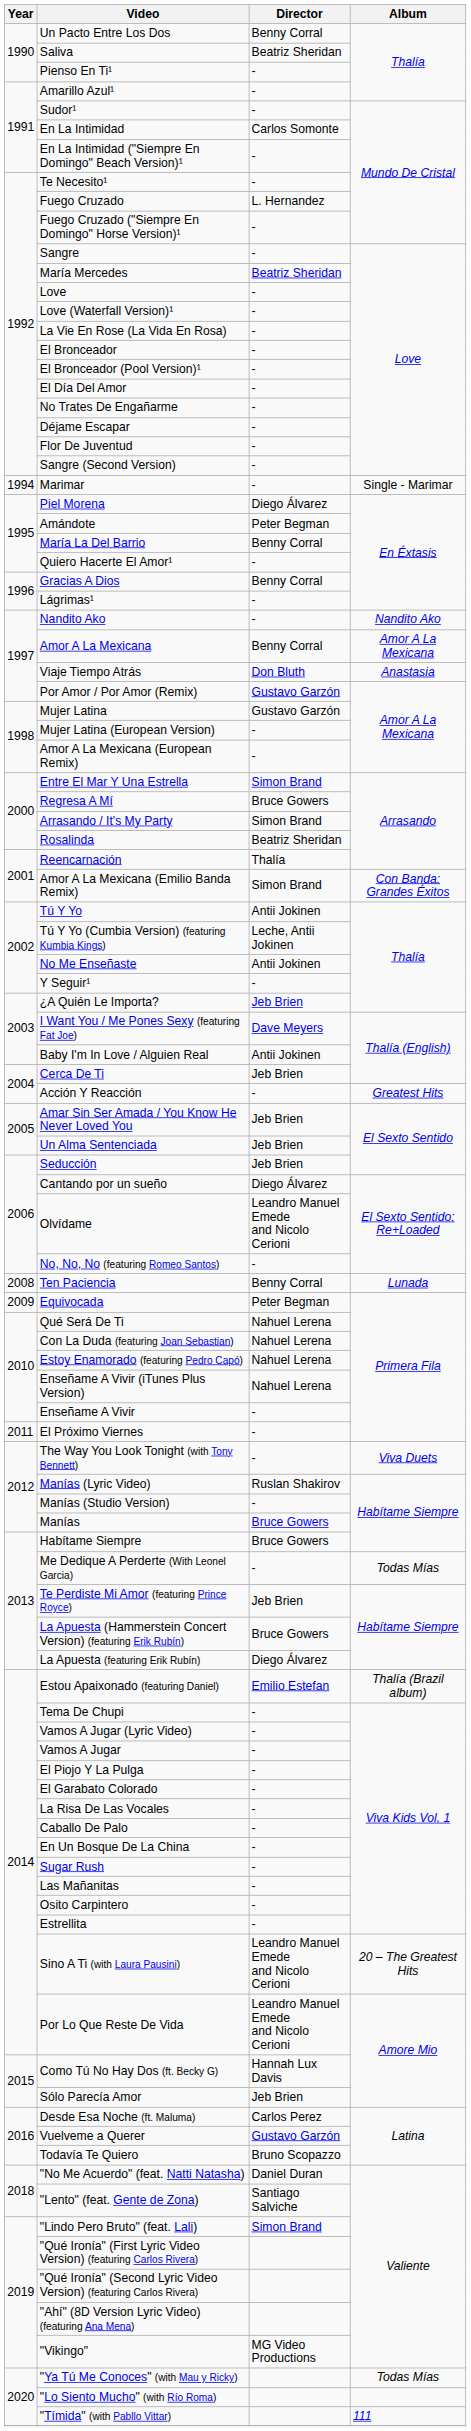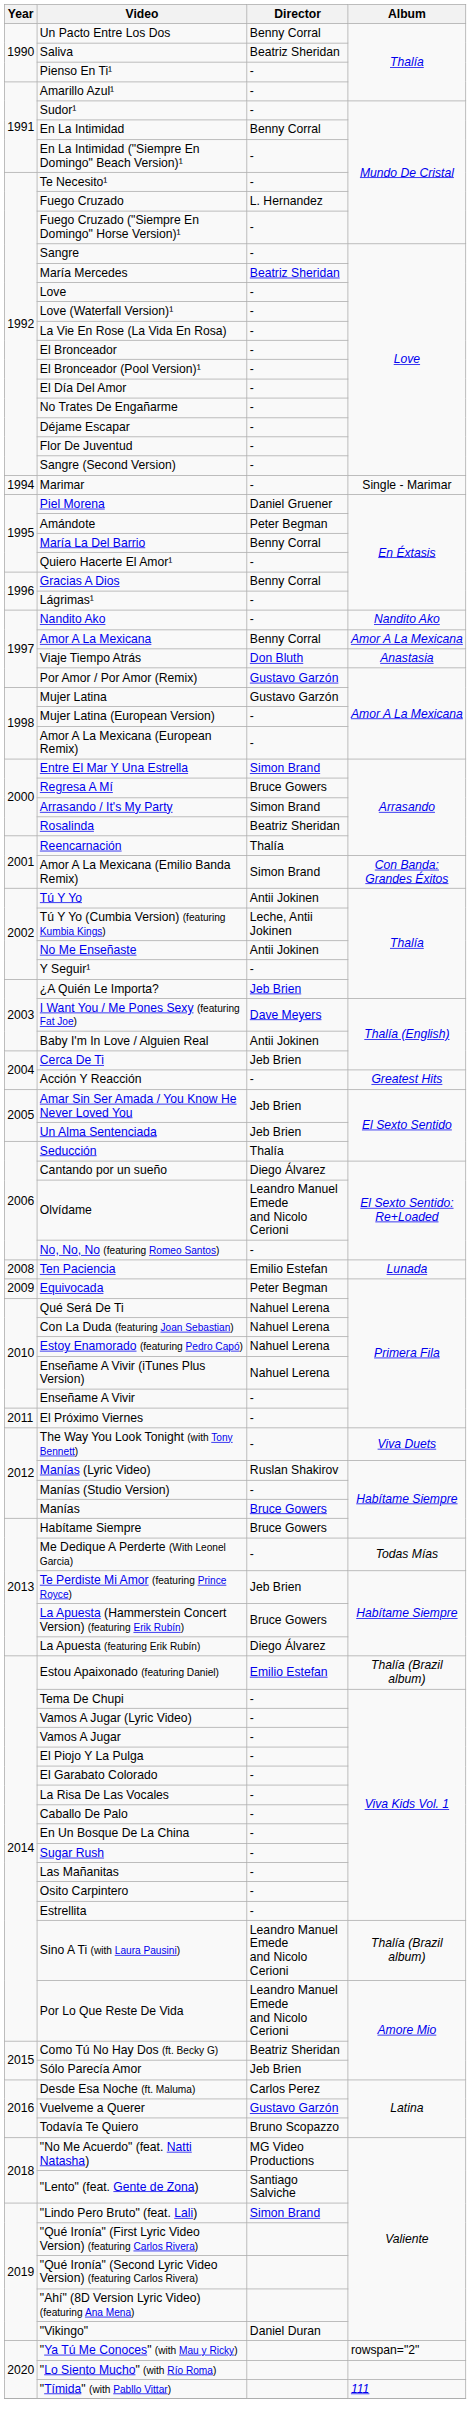 <table class="wikitable">
 <tr>
 <th>Year</th>
 <th>Video</th>
 <th>Director</th>
 <th>Album</th>
 </tr>
 <tr>
 <td rowspan="3">1990</td>
 <td>Un Pacto Entre Los Dos</td>
 <td>Benny Corral</td>
 <td rowspan="4" style="text-align:center"><em><a href='#'>Thalía</a></em></td>
 </tr>
 <tr>
 <td>Saliva</td>
 <td>Beatriz Sheridan</td>
 </tr>
 <tr>
 <td>Pienso En Ti¹</td>
 <td>-</td>
 </tr>
 <tr>
 <td rowspan="4">1991</td>
 <td>Amarillo Azul¹</td>
 <td>-</td>
 </tr>
 <tr>
 <td>Sudor¹</td>
 <td>-</td>
 <td rowspan="6" style="text-align:center"><em><a href='#'>Mundo De Cristal</a></em></td>
 </tr>
 <tr>
 <td>En La Intimidad</td>
-<td>Carlos Somonte</td>
+<td>Benny Corral</td>
 </tr>
 <tr>
 <td>En La Intimidad ("Siempre En Domingo" Beach Version)¹</td>
 <td>-</td>
 </tr>
 <tr>
 <td rowspan="15">1992</td>
 <td>Te Necesito¹</td>
 <td>-</td>
 </tr>
 <tr>
 <td>Fuego Cruzado</td>
 <td>L. Hernandez</td>
 </tr>
 <tr>
 <td>Fuego Cruzado ("Siempre En Domingo" Horse Version)¹</td>
 <td>-</td>
 </tr>
 <tr>
 <td>Sangre</td>
 <td>-</td>
 <td rowspan="12" style="text-align:center"><em><a href='#'>Love</a></em></td>
 </tr>
 <tr>
 <td>María Mercedes</td>
 <td><a href='#'>Beatriz Sheridan</a></td>
 </tr>
 <tr>
 <td>Love</td>
 <td>-</td>
 </tr>
 <tr>
 <td>Love (Waterfall Version)¹</td>
 <td>-</td>
 </tr>
 <tr>
 <td>La Vie En Rose (La Vida En Rosa)</td>
 <td>-</td>
 </tr>
 <tr>
 <td>El Bronceador</td>
 <td>-</td>
 </tr>
 <tr>
 <td>El Bronceador (Pool Version)¹</td>
 <td>-</td>
 </tr>
 <tr>
 <td>El Día Del Amor</td>
 <td>-</td>
 </tr>
 <tr>
 <td>No Trates De Engañarme</td>
 <td>-</td>
 </tr>
 <tr>
 <td>Déjame Escapar</td>
 <td>-</td>
 </tr>
 <tr>
 <td>Flor De Juventud</td>
 <td>-</td>
 </tr>
 <tr>
 <td>Sangre (Second Version)</td>
 <td>-</td>
 </tr>
 <tr>
 <td rowspan="1">1994</td>
 <td>Marimar</td>
 <td>-</td>
 <td style="text-align:center">Single - Marimar</td>
 </tr>
 <tr>
 <td rowspan="4">1995</td>
 <td><a href='#'>Piel Morena</a></td>
-<td>Diego Álvarez</td>
+<td>Daniel Gruener</td>
 <td rowspan="6" style="text-align:center"><em><a href='#'>En Éxtasis</a></em></td>
 </tr>
 <tr>
 <td>Amándote</td>
 <td>Peter Begman</td>
 </tr>
 <tr>
 <td><a href='#'>María La Del Barrio</a></td>
 <td>Benny Corral</td>
 </tr>
 <tr>
 <td>Quiero Hacerte El Amor¹</td>
 <td>-</td>
 </tr>
 <tr>
 <td rowspan="2">1996</td>
 <td><a href='#'>Gracias A Dios</a></td>
 <td>Benny Corral</td>
 </tr>
 <tr>
 <td>Lágrimas¹</td>
 <td>-</td>
 </tr>
 <tr>
 <td rowspan="4">1997</td>
 <td><a href='#'>Nandito Ako</a></td>
 <td>-</td>
 <td style="text-align:center"><em><a href='#'>Nandito Ako</a></em></td>
 </tr>
 <tr>
 <td><a href='#'>Amor A La Mexicana</a></td>
 <td>Benny Corral</td>
 <td rowspan="1" style="text-align:center"><em><a href='#'>Amor A La Mexicana</a></em></td>
 </tr>
 <tr>
 <td>Viaje Tiempo Atrás</td>
 <td><a href='#'>Don Bluth</a></td>
 <td style="text-align:center"><em><a href='#'>Anastasia</a></em></td>
 </tr>
 <tr>
 <td>Por Amor / Por Amor (Remix)</td>
 <td><a href='#'>Gustavo Garzón</a></td>
 <td rowspan="4" style="text-align:center"><em><a href='#'>Amor A La Mexicana</a></em></td>
 </tr>
 <tr>
 <td rowspan="3">1998</td>
 <td>Mujer Latina</td>
 <td>Gustavo Garzón</td>
 </tr>
 <tr>
 <td>Mujer Latina (European Version)</td>
 <td>-</td>
 </tr>
 <tr>
 <td>Amor A La Mexicana (European Remix)</td>
 <td>-</td>
 </tr>
 <tr>
 <td rowspan="4">2000</td>
 <td><a href='#'>Entre El Mar Y Una Estrella</a></td>
 <td><a href='#'>Simon Brand</a></td>
 <td rowspan="5" style="text-align:center"><em><a href='#'>Arrasando</a></em></td>
 </tr>
 <tr>
 <td><a href='#'>Regresa A Mí</a></td>
 <td>Bruce Gowers</td>
 </tr>
 <tr>
 <td><a href='#'>Arrasando / It's My Party</a></td>
 <td>Simon Brand</td>
 </tr>
 <tr>
 <td><a href='#'>Rosalinda</a></td>
 <td>Beatriz Sheridan</td>
 </tr>
 <tr>
 <td rowspan="2">2001</td>
 <td><a href='#'>Reencarnación</a></td>
 <td>Thalía</td>
 </tr>
 <tr>
 <td>Amor A La Mexicana (Emilio Banda Remix)</td>
 <td>Simon Brand</td>
 <td style="text-align:center"><em><a href='#'>Con Banda: Grandes Éxitos</a></em></td>
 </tr>
 <tr>
 <td rowspan="4">2002</td>
 <td><a href='#'>Tú Y Yo</a></td>
 <td>Antii Jokinen</td>
 <td rowspan="5" style="text-align:center"><em><a href='#'>Thalía</a></em></td>
 </tr>
 <tr>
 <td>Tú Y Yo (Cumbia Version) <small>(featuring <a href='#'>Kumbia Kings</a>)</small></td>
 <td>Leche, Antii Jokinen</td>
 </tr>
 <tr>
 <td><a href='#'>No Me Enseñaste</a></td>
 <td>Antii Jokinen</td>
 </tr>
 <tr>
 <td>Y Seguir¹</td>
 <td>-</td>
 </tr>
 <tr>
 <td rowspan="3">2003</td>
 <td>¿A Quién Le Importa?</td>
 <td><a href='#'>Jeb Brien</a></td>
 </tr>
 <tr>
 <td><a href='#'>I Want You / Me Pones Sexy</a> <small>(featuring <a href='#'>Fat Joe</a>)</small></td>
 <td><a href='#'>Dave Meyers</a></td>
 <td rowspan="3" style="text-align:center"><em><a href='#'>Thalía (English)</a></em></td>
 </tr>
 <tr>
 <td>Baby I'm In Love / Alguien Real</td>
 <td>Antii Jokinen</td>
 </tr>
 <tr>
 <td rowspan="2">2004</td>
 <td><a href='#'>Cerca De Ti</a></td>
 <td>Jeb Brien</td>
 </tr>
 <tr>
 <td>Acción Y Reacción</td>
 <td>-</td>
 <td style="text-align:center"><em><a href='#'>Greatest Hits</a></em></td>
 </tr>
 <tr>
 <td rowspan="2">2005</td>
 <td><a href='#'>Amar Sin Ser Amada / You Know He Never Loved You</a></td>
 <td>Jeb Brien</td>
 <td rowspan="3" style="text-align:center"><em><a href='#'>El Sexto Sentido</a></em></td>
 </tr>
 <tr>
 <td><a href='#'>Un Alma Sentenciada</a></td>
 <td>Jeb Brien</td>
 </tr>
 <tr>
 <td rowspan="4">2006</td>
 <td><a href='#'>Seducción</a></td>
-<td>Jeb Brien</td>
+<td>Thalía</td>
 </tr>
 <tr>
 <td>Cantando por un sueño</td>
 <td>Diego Álvarez</td>
 <td rowspan="3" style="text-align:center"><em><a href='#'>El Sexto Sentido: Re+Loaded</a></em></td>
 </tr>
 <tr>
 <td>Olvídame</td>
 <td>Leandro Manuel Emede <br>and Nicolo Cerioni</td>
 </tr>
 <tr>
 <td><a href='#'>No, No, No</a> <small>(featuring <a href='#'>Romeo Santos</a>)</small></td>
 <td>-</td>
 </tr>
 <tr>
 <td>2008</td>
 <td><a href='#'>Ten Paciencia</a></td>
-<td>Benny Corral</td>
+<td>Emilio Estefan</td>
 <td style="text-align:center"><em><a href='#'>Lunada</a></em></td>
 </tr>
 <tr>
 <td>2009</td>
 <td><a href='#'>Equivocada</a></td>
 <td>Peter Begman</td>
 <td rowspan="7" style="text-align:center"><em><a href='#'>Primera Fila</a></em></td>
 </tr>
 <tr>
 <td rowspan="5">2010</td>
 <td>Qué Será De Ti</td>
 <td>Nahuel Lerena</td>
 </tr>
 <tr>
 <td>Con La Duda <small>(featuring <a href='#'>Joan Sebastian</a>)</small></td>
 <td>Nahuel Lerena</td>
 </tr>
 <tr>
 <td><a href='#'>Estoy Enamorado</a> <small>(featuring <a href='#'>Pedro Capó</a>)</small></td>
 <td>Nahuel Lerena</td>
 </tr>
 <tr>
 <td>Enseñame A Vivir (iTunes Plus Version)</td>
 <td>Nahuel Lerena</td>
 </tr>
 <tr>
 <td>Enseñame A Vivir</td>
 <td>-</td>
 </tr>
 <tr>
 <td rowspan="1">2011</td>
 <td>El Próximo Viernes</td>
 <td>-</td>
 </tr>
 <tr>
 <td rowspan="4">2012</td>
 <td>The Way You Look Tonight <small>(with <a href='#'>Tony Bennett</a>)</small></td>
 <td>-</td>
 <td style="text-align:center"><em><a href='#'>Viva Duets</a></em></td>
 </tr>
 <tr>
 <td><a href='#'>Manías</a> (Lyric Video)</td>
 <td>Ruslan Shakirov</td>
 <td rowspan="4" style="text-align:center"><em><a href='#'>Habítame Siempre</a></em></td>
 </tr>
 <tr>
 <td>Manías (Studio Version)</td>
 <td>-</td>
 </tr>
 <tr>
 <td>Manías</td>
 <td><a href='#'>Bruce Gowers</a></td>
 </tr>
 <tr>
 <td rowspan="5">2013</td>
 <td>Habítame Siempre</td>
 <td>Bruce Gowers</td>
 </tr>
 <tr>
 <td>Me Dedique A Perderte <small>(With Leonel Garcia)</small></td>
 <td>-</td>
 <td rowspan= "1" style="text-align:center"><em>Todas Mías</em></td>
 </tr>
 <tr>
 <td><a href='#'>Te Perdiste Mi Amor</a> <small>(featuring <a href='#'>Prince Royce</a>)</small></td>
 <td>Jeb Brien</td>
 <td rowspan="3" style="text-align:center"><em><a href='#'>Habítame Siempre</a></em></td>
 </tr>
 <tr>
 <td><a href='#'>La Apuesta</a> (Hammerstein Concert Version) <small>(featuring <a href='#'>Erik Rubín</a>)</small></td>
 <td>Bruce Gowers</td>
 </tr>
 <tr>
 <td>La Apuesta <small>(featuring Erik Rubín)</small></td>
 <td>Diego Álvarez</td>
 </tr>
 <tr>
 <td rowspan="15">2014</td>
 <td>Estou Apaixonado <small>(featuring Daniel)</small></td>
 <td><a href='#'>Emilio Estefan</a></td>
 <td style="text-align:center"><em>Thalía (Brazil album)</em></td>
 </tr>
 <tr>
 <td>Tema De Chupi</td>
 <td>-</td>
 <td rowspan="12" style="text-align:center"><em><a href='#'>Viva Kids Vol. 1</a></em></td>
 </tr>
 <tr>
 <td>Vamos A Jugar (Lyric Video)</td>
 <td>-</td>
 </tr>
 <tr>
 <td>Vamos A Jugar</td>
 <td>-</td>
 </tr>
 <tr>
 <td>El Piojo Y La Pulga</td>
 <td>-</td>
 </tr>
 <tr>
 <td>El Garabato Colorado</td>
 <td>-</td>
 </tr>
 <tr>
 <td>La Risa De Las Vocales</td>
 <td>-</td>
 </tr>
 <tr>
 <td>Caballo De Palo</td>
 <td>-</td>
 </tr>
 <tr>
 <td>En Un Bosque De La China</td>
 <td>-</td>
 </tr>
 <tr>
 <td><a href='#'>Sugar Rush</a></td>
 <td>-</td>
 </tr>
 <tr>
 <td>Las Mañanitas</td>
 <td>-</td>
 </tr>
 <tr>
 <td>Osito Carpintero</td>
 <td>-</td>
 </tr>
 <tr>
 <td>Estrellita</td>
 <td>-</td>
 </tr>
 <tr>
 <td>Sino A Ti <small>(with <a href='#'>Laura Pausini</a>)</small></td>
 <td>Leandro Manuel Emede <br>and Nicolo Cerioni</td>
-<td style="text-align:center"><em>20 – The Greatest Hits</em></td>
+<td style="text-align:center"><em>Thalía (Brazil album)</em></td>
 </tr>
 <tr>
 <td>Por Lo Que Reste De Vida</td>
 <td>Leandro Manuel Emede <br>and Nicolo Cerioni</td>
 <td rowspan="3" style="text-align:center"><em><a href='#'>Amore Mio</a></em></td>
 </tr>
 <tr>
 <td rowspan="2">2015</td>
 <td>Como Tú No Hay Dos <small>(ft. Becky G)</small></td>
-<td>Hannah Lux Davis</td>
+<td>Beatriz Sheridan</td>
 </tr>
 <tr>
 <td>Sólo Parecía Amor</td>
 <td>Jeb Brien</td>
 </tr>
 <tr>
 <td rowspan="3">2016</td>
 <td>Desde Esa Noche <small>(ft. Maluma)</small></td>
 <td>Carlos Perez</td>
 <td rowspan="3" style="text-align:center"><em>Latina</em></td>
 </tr>
 <tr>
 <td>Vuelveme a Querer</td>
 <td><a href='#'>Gustavo Garzón</a></td>
 </tr>
 <tr>
 <td>Todavía Te Quiero</td>
 <td>Bruno Scopazzo</td>
 </tr>
 <tr>
 <td rowspan="2">2018</td>
 <td>"No Me Acuerdo" (feat. <a href='#'>Natti Natasha</a>)</td>
-<td>Daniel Duran</td>
+<td>MG Video Productions</td>
 <td rowspan="7" style="text-align:center"><em>Valiente</em></td>
 </tr>
 <tr>
 <td>"Lento" (feat. <a href='#'>Gente de Zona</a>)</td>
 <td>Santiago Salviche</td>
 </tr>
 <tr>
 <td rowspan="5">2019</td>
 <td>"Lindo Pero Bruto" (feat. <a href='#'>Lali</a>)</td>
 <td><a href='#'>Simon Brand</a></td>
 </tr>
 <tr>
 <td>"Qué Ironía" (First Lyric Video Version) <small>(featuring <a href='#'>Carlos Rivera</a>)</small></td>
 <td></td>
 </tr>
 <tr>
 <td>"Qué Ironía" (Second Lyric Video Version) <small>(featuring Carlos Rivera)</small></td>
 <td></td>
 </tr>
 <tr>
 <td>"Ahí" (8D Version Lyric Video) <small>(featuring <a href='#'>Ana Mena</a>)</small></td>
 <td></td>
 </tr>
 <tr>
 <td>"Vikingo"</td>
-<td>MG Video Productions</td>
+<td>Daniel Duran</td>
 </tr>
 <tr>
 <td rowspan="3">2020</td>
 <td style="text-align:left">"<a href='#'>Ya Tú Me Conoces</a>" <small>(with <a href='#'>Mau y Ricky</a>)</small></td>
 <td></td>
-<td rowspan= "1" style="text-align:center"><em>Todas Mías</em></td>
+<td>rowspan="2"</td>
 </tr>
 <tr>
 <td style="text-align:left">"<a href='#'>Lo Siento Mucho</a>" <small>(with <a href='#'>Río Roma</a>)</small></td>
 <td></td>
 </tr>
 <tr>
 <td style="text-align:left">"<a href='#'>Tímida</a>" <small>(with <a href='#'>Pabllo Vittar</a>)</small></td>
 <td></td>
 <td><em><a href='#'>111</a></em></td>
 </tr>
 <tr>
 </tr>
 </table>
